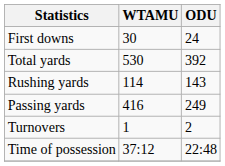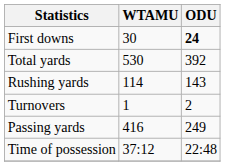 <table class="wikitable">
 <tr>
 <th>Statistics</th>
 <th>WTAMU</th>
 <th>ODU</th>
 </tr>
 <tr>
 <td>First downs</td>
 <td>30</td>
-<td>24</td>
+<td><strong>24</strong></td>
 </tr>
 <tr>
 <td>Total yards</td>
 <td>530</td>
 <td>392</td>
 </tr>
 <tr>
 <td>Rushing yards</td>
 <td>114</td>
 <td>143</td>
 </tr>
 <tr>
+<td>Turnovers</td>
+<td>1</td>
+<td>2</td>
+</tr>
+<tr>
 <td>Passing yards</td>
 <td>416</td>
 <td>249</td>
-</tr>
-<tr>
-<td>Turnovers</td>
-<td>1</td>
-<td>2</td>
 </tr>
 <tr>
 <td>Time of possession</td>
 <td>37:12</td>
 <td>22:48</td>
 </tr>
 <tr>
 </tr>
 </table>
